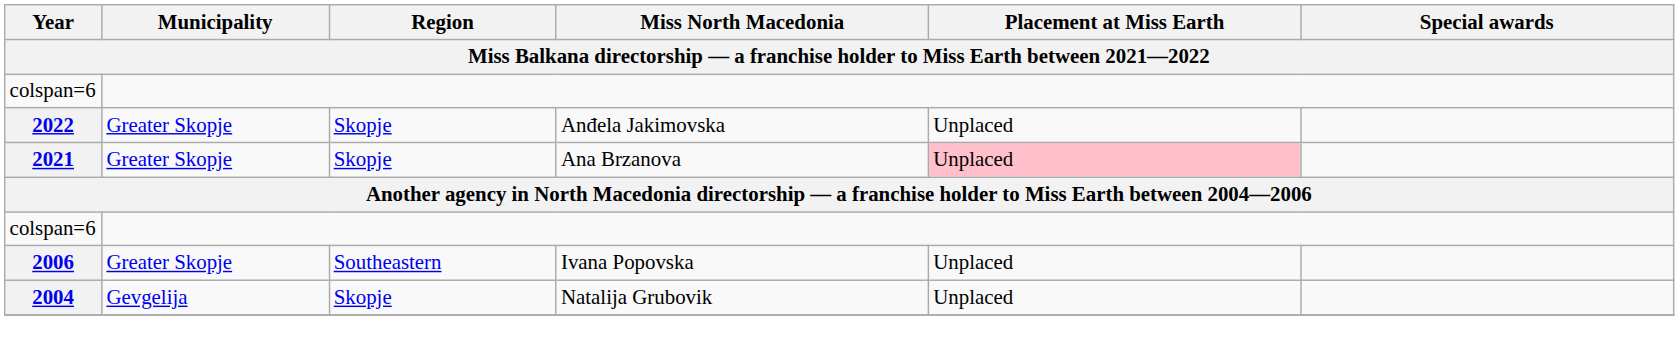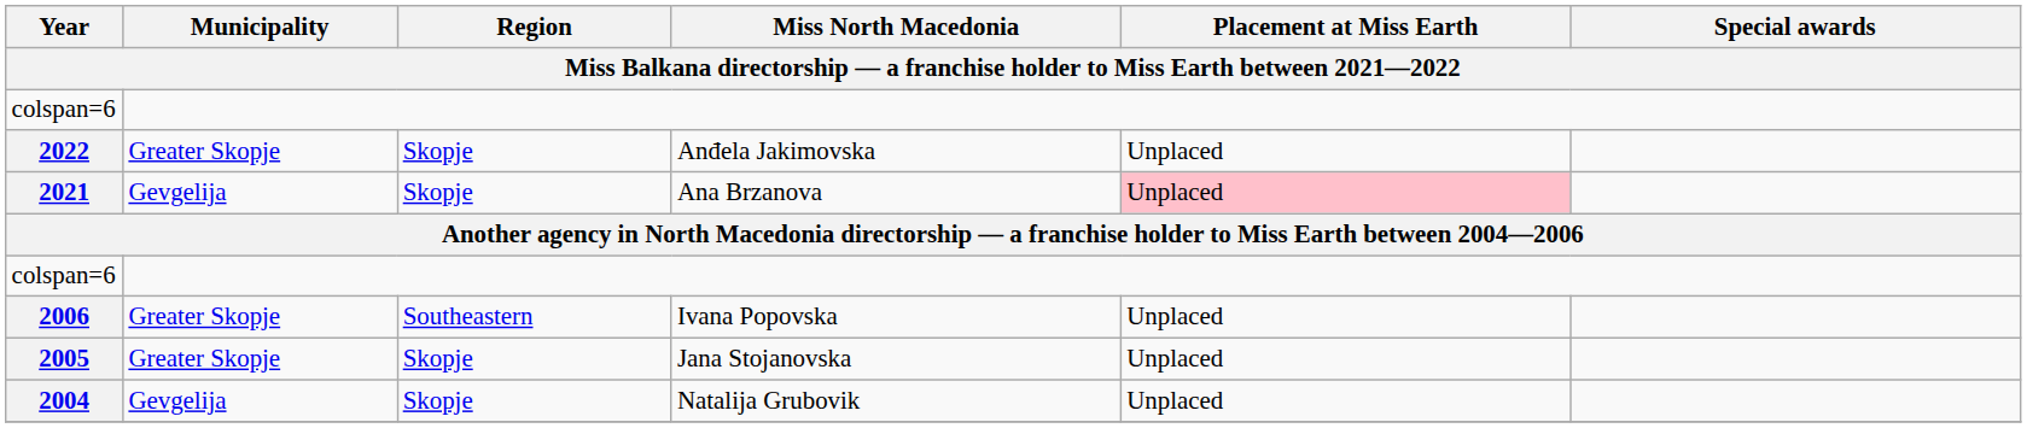 <table class="wikitable " style="font-size: 90%;">
 <tr>
 <th width="60">Year</th>
 <th width="150">Municipality</th>
 <th width="150">Region</th>
 <th width="250">Miss North Macedonia</th>
 <th width="250">Placement at Miss Earth</th>
 <th width="250">Special awards</th>
 </tr>
 <tr>
 <th colspan="6">Miss Balkana directorship — a franchise holder to Miss Earth between 2021―2022</th>
 </tr>
 <tr>
 <td>colspan=6 </td>
 </tr>
 <tr>
 <th><a href='#'>2022</a></th>
 <td><a href='#'>Greater Skopje</a></td>
 <td><a href='#'>Skopje</a></td>
 <td>Anđela Jakimovska</td>
 <td>Unplaced</td>
 <td></td>
 </tr>
 <tr>
 <th><a href='#'>2021</a></th>
-<td><a href='#'>Greater Skopje</a></td>
+<td><a href='#'>Gevgelija</a></td>
 <td><a href='#'>Skopje</a></td>
 <td>Ana Brzanova</td>
 <td style="background: pink;">Unplaced</td>
 <td></td>
 </tr>
 <tr>
 <th colspan="6">Another agency in North Macedonia directorship — a franchise holder to Miss Earth between 2004―2006</th>
 </tr>
 <tr>
 <td>colspan=6 </td>
 </tr>
 <tr>
 <th><a href='#'>2006</a></th>
 <td><a href='#'>Greater Skopje</a></td>
 <td><a href='#'>Southeastern</a></td>
 <td>Ivana Popovska</td>
 <td>Unplaced</td>
 <td></td>
 </tr>
 <tr>
+<th><a href='#'>2005</a></th>
+<td><a href='#'>Greater Skopje</a></td>
+<td><a href='#'>Skopje</a></td>
+<td>Jana Stojanovska</td>
+<td>Unplaced</td>
+<td></td>
+</tr>
+<tr>
 <th><a href='#'>2004</a></th>
 <td><a href='#'>Gevgelija</a></td>
 <td><a href='#'>Skopje</a></td>
 <td>Natalija Grubovik</td>
 <td>Unplaced</td>
 <td></td>
 </tr>
 <tr>
 </tr>
 </table>
